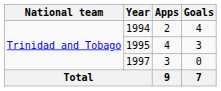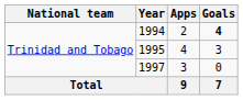 <table class="wikitable" style="text-align:center">
 <tr>
 <th>National team</th>
 <th>Year</th>
 <th>Apps</th>
 <th>Goals</th>
 </tr>
 <tr>
 <td rowspan="3"><a href='#'>Trinidad and Tobago</a></td>
 <td>1994</td>
 <td>2</td>
-<td>4</td>
+<td><strong>4</strong></td>
 </tr>
 <tr>
 <td>1995</td>
 <td>4</td>
 <td>3</td>
 </tr>
 <tr>
 <td>1997</td>
 <td>3</td>
 <td>0</td>
 </tr>
 <tr>
 <th colspan=2>Total</th>
 <th>9</th>
 <th>7</th>
 </tr>
 </table>
